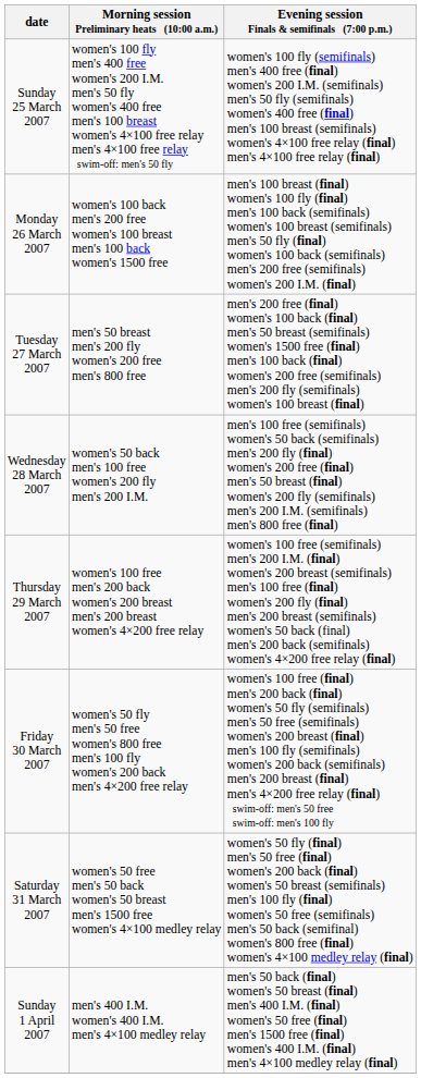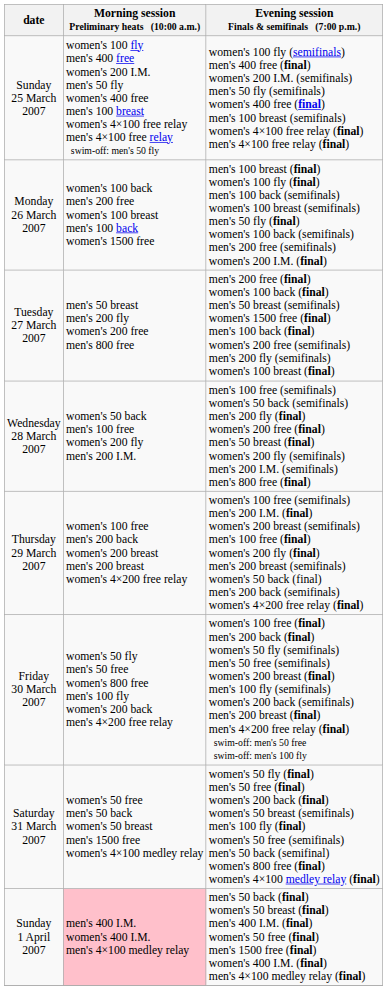 <table class=wikitable>
 <tr>
 <th>date</th>
 <th>Morning session <br> <small> Preliminary heats   (10:00 a.m.)</small></th>
 <th>Evening session <br> <small> Finals & semifinals   (7:00 p.m.) </small></th>
 </tr>
 <tr>
 <td align=center>Sunday<br>25 March<br>2007</td>
 <td>women's 100 <a href='#'>fly</a> <br> men's 400 <a href='#'>free</a> <br> women's 200 I.M. <br> men's 50 fly <br> women's 400 free <br> men's 100 <a href='#'>breast</a> <br> women's 4×100 free relay <br> men's 4×100 free <a href='#'>relay</a> <small><br>   swim-off: men's 50 fly</small></td>
 <td>women's 100 fly (<a href='#'>semifinals</a>) <br> men's 400 free (<strong>final</strong>) <br> women's 200 I.M. (semifinals) <br> men's 50 fly (semifinals) <br> women's 400 free (<strong><a href='#'>final</a></strong>) <br> men's 100 breast (semifinals) <br> women's 4×100 free relay (<strong>final</strong>) <br> men's 4×100 free relay (<strong>final</strong>)</td>
 </tr>
 <tr>
 <td align=center>Monday<br>26 March<br>2007</td>
 <td>women's 100 back <br> men's 200 free <br> women's 100 breast <br> men's 100 <a href='#'>back</a> <br> women's 1500 free</td>
 <td>men's 100 breast (<strong>final</strong>) <br> women's 100 fly (<strong>final</strong>) <br> men's 100 back (semifinals) <br> women's 100 breast (semifinals) <br> men's 50 fly (<strong>final</strong>) <br> women's 100 back (semifinals) <br> men's 200 free (semifinals) <br> women's 200 I.M. (<strong>final</strong>)</td>
 </tr>
 <tr>
 <td align=center>Tuesday<br>27 March<br>2007</td>
 <td>men's 50 breast <br> men's 200 fly <br> women's 200 free <br> men's 800 free</td>
 <td>men's 200 free (<strong>final</strong>) <br> women's 100 back (<strong>final</strong>) <br> men's 50 breast (semifinals) <br> women's 1500 free (<strong>final</strong>) <br> men's 100 back (<strong>final</strong>) <br> women's 200 free (semifinals) <br> men's 200 fly (semifinals) <br> women's 100 breast (<strong>final</strong>)</td>
 </tr>
 <tr>
 <td align=center>Wednesday<br>28 March<br>2007</td>
 <td>women's 50 back <br> men's 100 free <br> women's 200 fly <br> men's 200 I.M.</td>
 <td>men's 100 free (semifinals) <br> women's 50 back (semifinals) <br> men's 200 fly (<strong>final</strong>) <br> women's 200 free (<strong>final</strong>) <br> men's 50 breast (<strong>final</strong>) <br> women's 200 fly (semifinals) <br> men's 200 I.M. (semifinals) <br> men's 800 free (<strong>final</strong>)</td>
 </tr>
 <tr>
 <td align=center>Thursday<br>29 March<br>2007</td>
 <td>women's 100 free <br> men's 200 back <br> women's 200 breast <br> men's 200 breast <br> women's 4×200 free relay</td>
 <td>women's 100 free (semifinals) <br> men's 200 I.M. (<strong>final</strong>) <br> women's 200 breast (semifinals) <br> men's 100 free (<strong>final</strong>) <br> women's 200 fly (<strong>final</strong>) <br> men's 200 breast (semifinals) <br> women's 50 back (final) <br> men's 200 back (semifinals) <br> women's 4×200 free relay (<strong>final</strong>)</td>
 </tr>
 <tr>
 <td align=center>Friday<br>30 March<br>2007</td>
 <td>women's 50 fly <br> men's 50 free <br> women's 800 free <br> men's 100 fly <br> women's 200 back <br> men's 4×200 free relay</td>
 <td>women's 100 free (<strong>final</strong>) <br> men's 200 back (<strong>final</strong>) <br> women's 50 fly (semifinals) <br> men's 50 free (semifinals) <br> women's 200 breast (<strong>final</strong>) <br> men's 100 fly (semifinals) <br> women's 200 back (semifinals) <br> men's 200 breast (<strong>final</strong>) <br> men's 4×200 free relay (<strong>final</strong>) <small><br>   swim-off: men's 50 free <br>   swim-off: men's 100 fly </small></td>
 </tr>
 <tr>
 <td align=center>Saturday<br>31 March<br>2007</td>
 <td>women's 50 free <br> men's 50 back <br> women's 50 breast <br> men's 1500 free <br> women's 4×100 medley relay</td>
 <td>women's 50 fly (<strong>final</strong>) <br> men's 50 free (<strong>final</strong>) <br> women's 200 back (<strong>final</strong>) <br> women's 50 breast (semifinals) <br> men's 100 fly (<strong>final</strong>) <br> women's 50 free (semifinals) <br> men's 50 back (semifinal) <br> women's 800 free (<strong>final</strong>) <br> women's 4×100 <a href='#'>medley relay</a> (<strong>final</strong>)</td>
 </tr>
 <tr>
 <td align=center>Sunday<br>1 April<br>2007</td>
-<td>men's 400 I.M. <br> women's 400 I.M. <br> men's 4×100 medley relay</td>
+<td style="background: pink;">men's 400 I.M. <br> women's 400 I.M. <br> men's 4×100 medley relay</td>
 <td>men's 50 back (<strong>final</strong>) <br> women's 50 breast (<strong>final</strong>) <br> men's 400 I.M. (<strong>final</strong>) <br> women's 50 free (<strong>final</strong>) <br> men's 1500 free (<strong>final</strong>) <br> women's 400 I.M. (<strong>final</strong>) <br> men's 4×100 medley relay (<strong>final</strong>)</td>
 </tr>
 <tr>
 </tr>
 </table>
